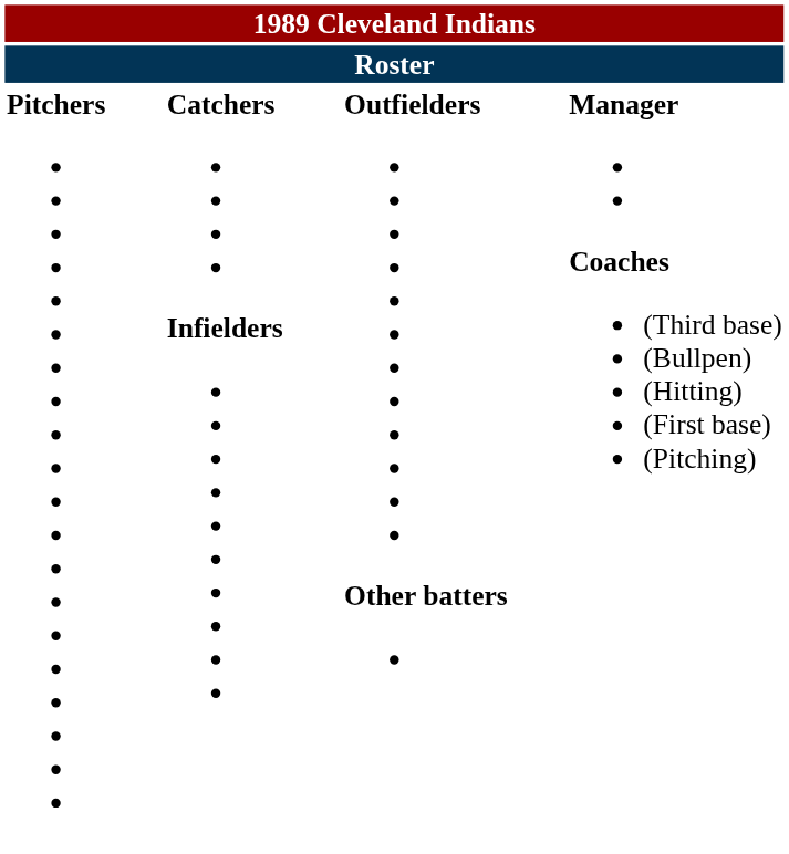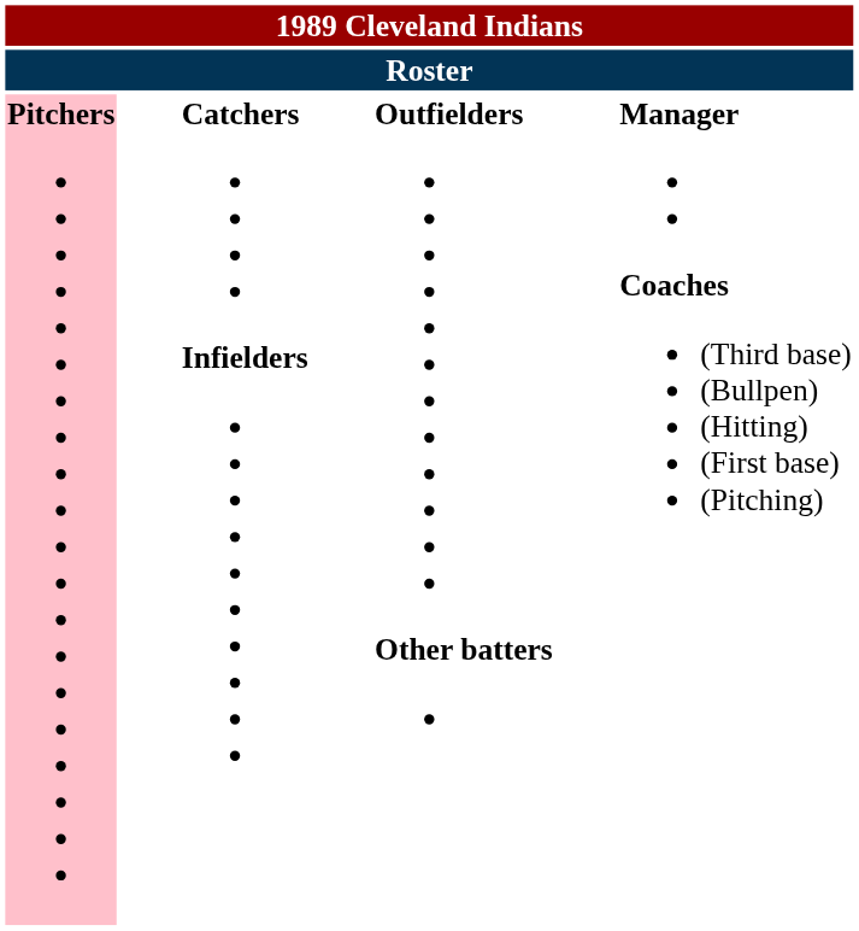 <table class="toccolours" style="font-size: 95%;">
 <tr>
 <th colspan="10" style="background-color: #990000; color: #FFFFFF; text-align: center;">1989 Cleveland Indians</th>
 </tr>
 <tr>
 <td colspan="10" style="background-color: #023456; color: #FFFFFF; text-align: center;"><strong>Roster</strong></td>
 </tr>
 <tr>
-<td valign="top"><strong>Pitchers</strong><br><ul><li></li><li></li><li></li><li></li><li></li><li></li><li></li><li></li><li></li><li></li><li></li><li></li><li></li><li></li><li></li><li></li><li></li><li></li><li></li><li></li></ul></td>
+<td valign="top" style="background: pink;"><strong>Pitchers</strong><br><ul><li></li><li></li><li></li><li></li><li></li><li></li><li></li><li></li><li></li><li></li><li></li><li></li><li></li><li></li><li></li><li></li><li></li><li></li><li></li><li></li></ul></td>
 <td width="25px"></td>
 <td valign="top"><strong>Catchers</strong><br><ul><li></li><li></li><li></li><li></li></ul><strong>Infielders</strong><ul><li></li><li></li><li></li><li></li><li></li><li></li><li></li><li></li><li></li><li></li></ul></td>
 <td width="25px"></td>
 <td valign="top"><strong>Outfielders</strong><br><ul><li></li><li></li><li></li><li></li><li></li><li></li><li></li><li></li><li></li><li></li><li></li><li></li></ul><strong>Other batters</strong><ul><li></li></ul></td>
 <td width="25px"></td>
 <td valign="top"><strong>Manager</strong><br><ul><li></li><li></li></ul><strong>Coaches</strong><ul><li> (Third base)</li><li> (Bullpen)</li><li> (Hitting)</li><li> (First base)</li><li> (Pitching)</li></ul></td>
 </tr>
 <tr>
 </tr>
 </table>
